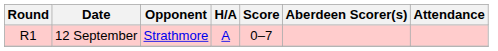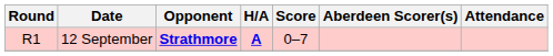 <table class="wikitable" style="text-align:center">
 <tr>
 <th>Round</th>
 <th>Date</th>
 <th>Opponent</th>
 <th>H/A</th>
 <th>Score</th>
 <th>Aberdeen Scorer(s)</th>
 <th>Attendance</th>
 </tr>
 <tr bgcolor=#FFCCCC>
 <td>R1</td>
 <td align=left>12 September</td>
-<td align=left><a href='#'>Strathmore</a></td>
-<td><a href='#'>A</a></td>
+<td align=left><strong><a href='#'>Strathmore</a></strong></td>
+<td><strong><a href='#'>A</a></strong></td>
 <td>0–7</td>
 <td align=left></td>
 <td></td>
 </tr>
 <tr>
 </tr>
 </table>
